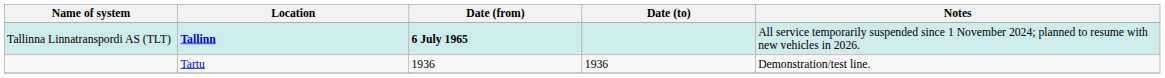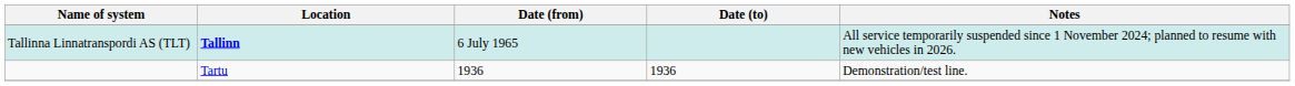 <table class="wikitable" width=100%>
 <tr>
 <th width=15%>Name of system</th>
 <th width=20%>Location</th>
 <th width=15%>Date (from)</th>
 <th width=15%>Date (to)</th>
 <th width=35%>Notes</th>
 </tr>
 <tr>
 </tr>
 <tr style="background:#CFECEC">
 <td>Tallinna Linnatranspordi AS (TLT)</td>
 <td><strong><a href='#'>Tallinn</a></strong></td>
-<td><strong>6 July 1965</strong></td>
+<td>6 July 1965</td>
 <td></td>
 <td>All service temporarily suspended since 1 November 2024; planned to resume with new vehicles in 2026.</td>
 </tr>
 <tr>
 <td> </td>
 <td><a href='#'>Tartu</a></td>
 <td>1936</td>
 <td>1936</td>
 <td>Demonstration/test line.</td>
 </tr>
 <tr>
 </tr>
 </table>
